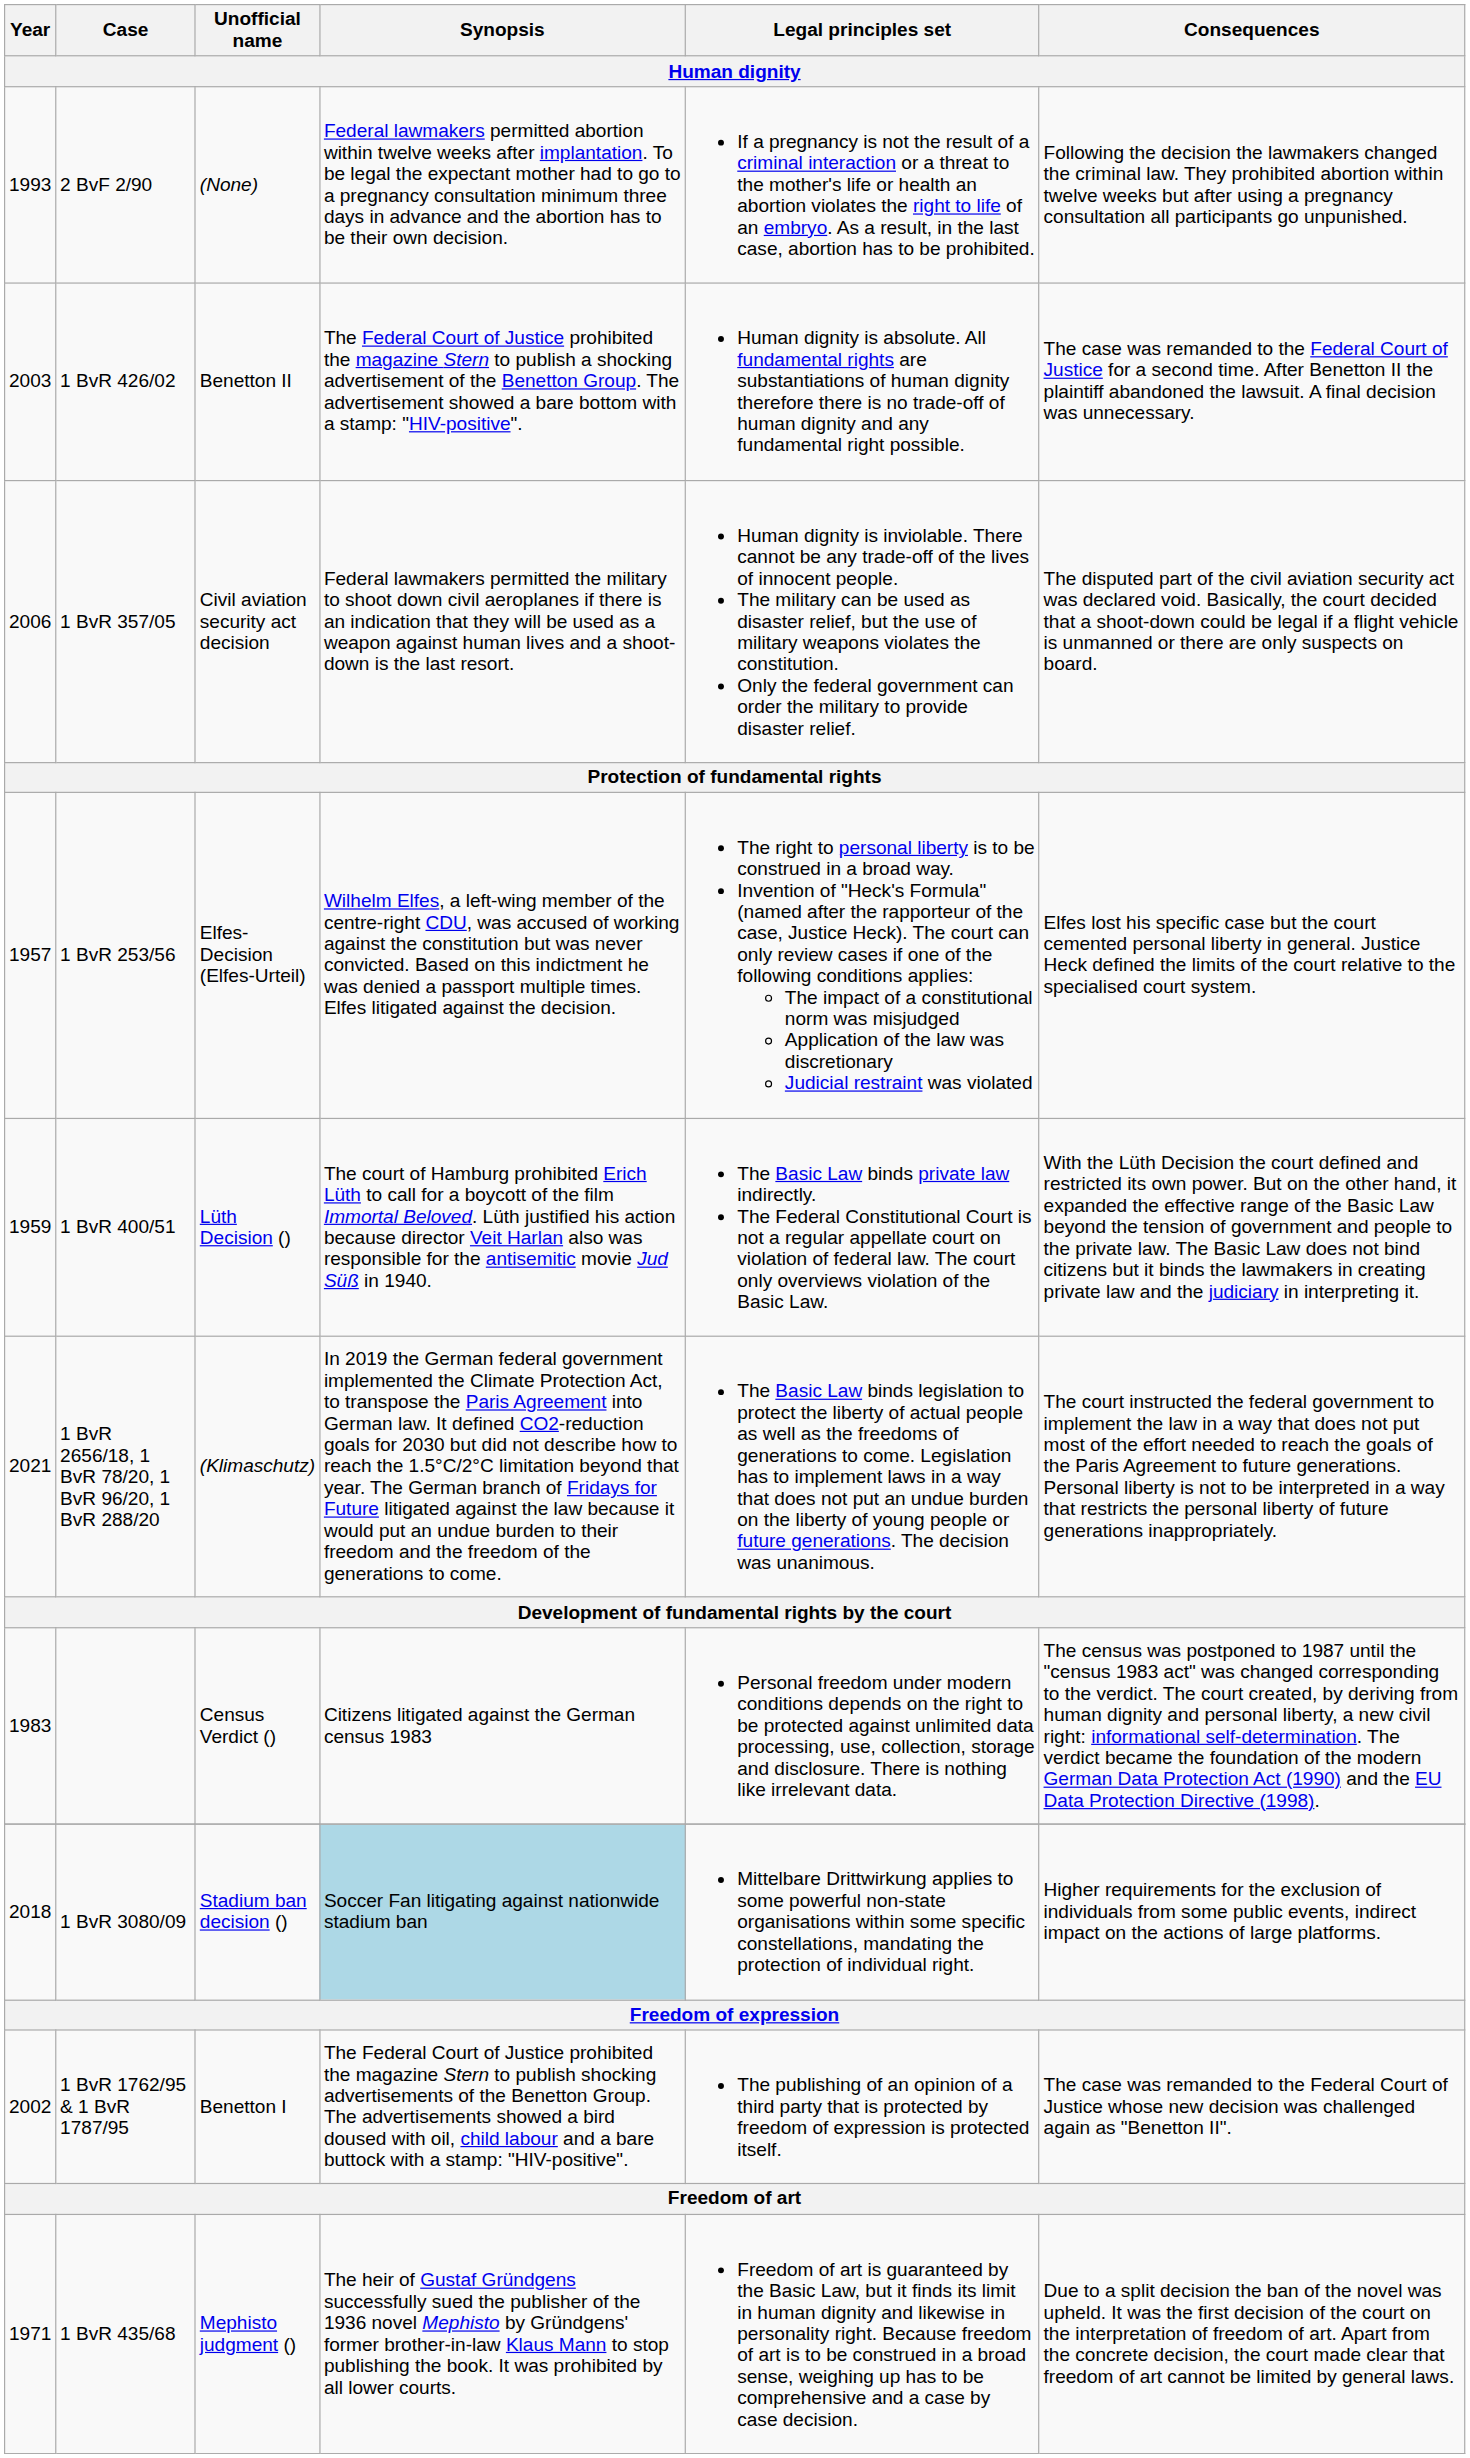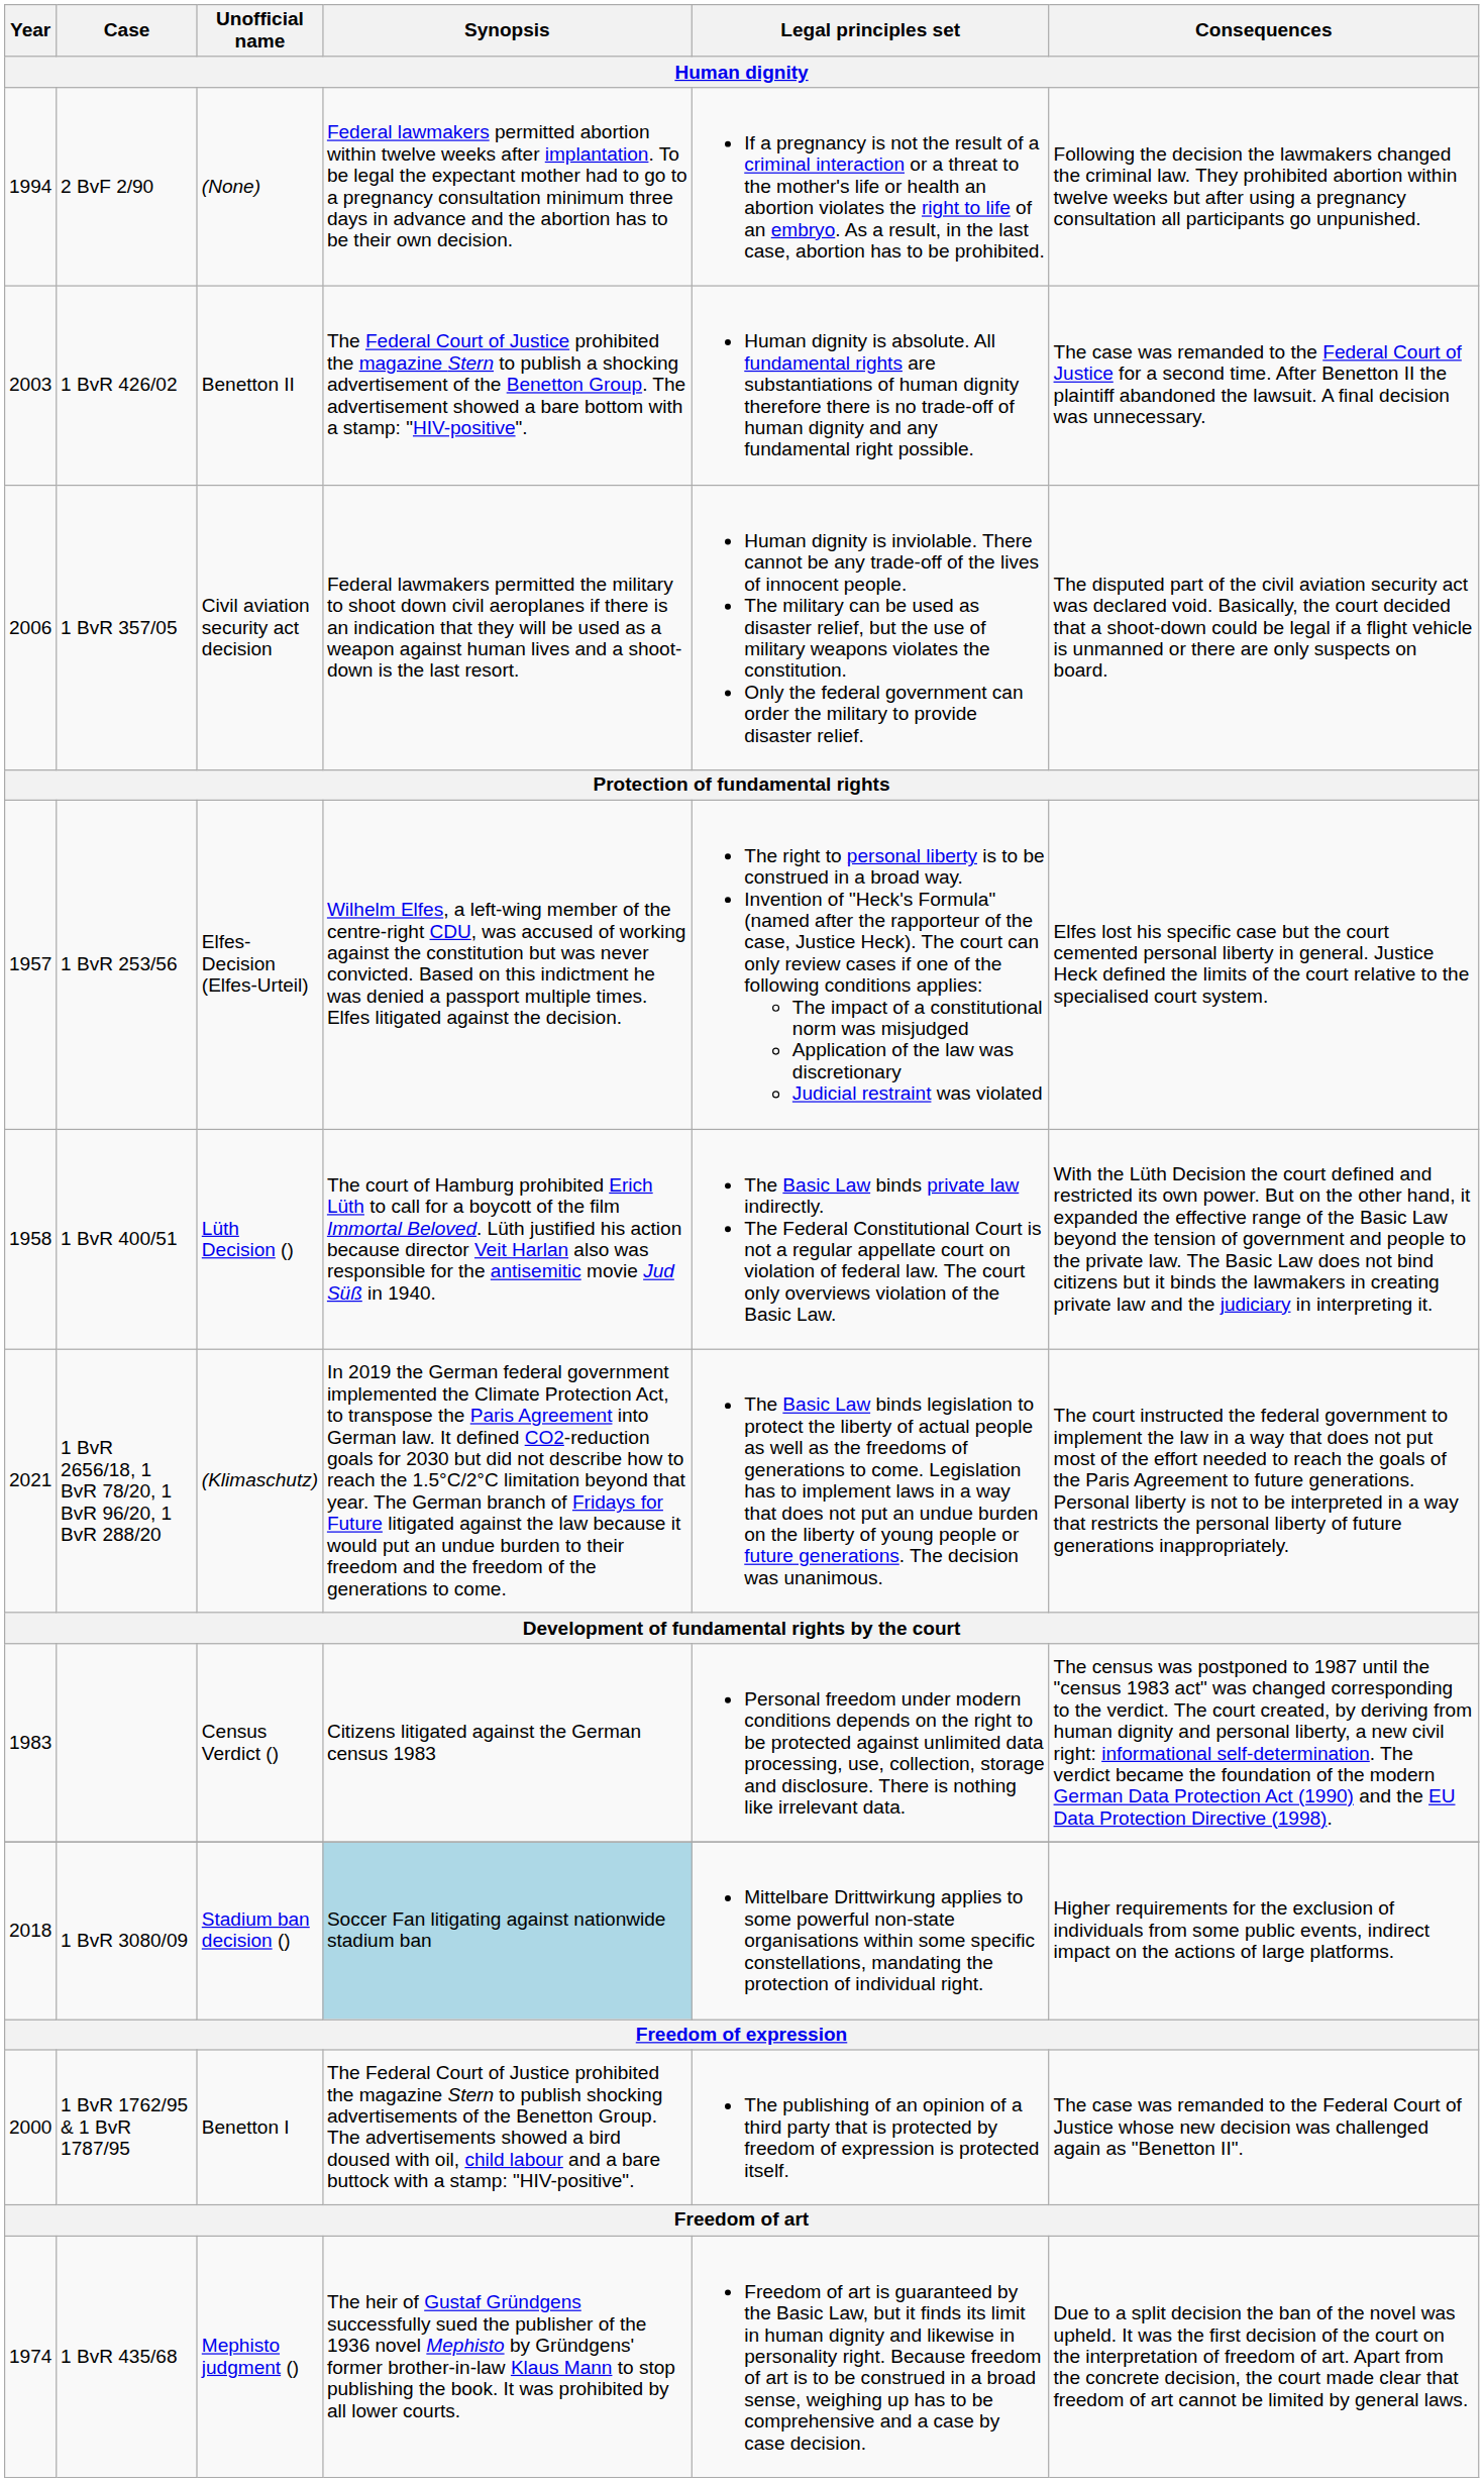 <table class="wikitable">
 <tr>
 <th width="30">Year</th>
 <th width="110">Case</th>
 <th width="90">Unofficial name</th>
 <th width="300">Synopsis</th>
 <th width="290">Legal principles set</th>
 <th width="350">Consequences</th>
 </tr>
 <tr>
 <th colspan="6"><a href='#'>Human dignity</a></th>
 </tr>
 <tr>
-<td>1993</td>
+<td>1994</td>
 <td>2 BvF 2/90</td>
 <td><em>(None)</em></td>
 <td><a href='#'>Federal lawmakers</a> permitted abortion within twelve weeks after <a href='#'>implantation</a>. To be legal the expectant mother had to go to a pregnancy consultation minimum three days in advance and the abortion has to be their own decision.</td>
 <td><br><ul><li>If a pregnancy is not the result of a <a href='#'>criminal interaction</a> or a threat to the mother's life or health an abortion violates the <a href='#'>right to life</a> of an <a href='#'>embryo</a>. As a result, in the last case, abortion has to be prohibited.</li></ul></td>
 <td>Following the decision the lawmakers changed the criminal law. They prohibited abortion within twelve weeks but after using a pregnancy consultation all participants go unpunished.</td>
 </tr>
 <tr>
 <td>2003</td>
 <td>1 BvR 426/02</td>
 <td>Benetton II</td>
 <td>The <a href='#'>Federal Court of Justice</a> prohibited the <a href='#'>magazine <em>Stern</em></a> to publish a shocking advertisement of the <a href='#'>Benetton Group</a>. The advertisement showed a bare bottom with a stamp: "<a href='#'>HIV-positive</a>".</td>
 <td><br><ul><li>Human dignity is absolute. All <a href='#'>fundamental rights</a> are substantiations of human dignity therefore there is no trade-off of human dignity and any fundamental right possible.</li></ul></td>
 <td>The case was remanded to the <a href='#'>Federal Court of Justice</a> for a second time. After Benetton II the plaintiff abandoned the lawsuit. A final decision was unnecessary.</td>
 </tr>
 <tr>
 <td>2006</td>
 <td>1 BvR 357/05</td>
 <td>Civil aviation security act decision</td>
 <td>Federal lawmakers permitted the military to shoot down civil aeroplanes if there is an indication that they will be used as a weapon against human lives and a shoot-down is the last resort.</td>
 <td><br><ul><li>Human dignity is inviolable. There cannot be any trade-off of the lives of innocent people.</li><li>The military can be used as disaster relief, but the use of military weapons violates the constitution.</li><li>Only the federal government can order the military to provide disaster relief.</li></ul></td>
 <td>The disputed part of the civil aviation security act was declared void. Basically, the court decided that a shoot-down could be legal if a flight vehicle is unmanned or there are only suspects on board.</td>
 </tr>
 <tr>
 <th colspan="6">Protection of fundamental rights</th>
 </tr>
 <tr>
 <td>1957</td>
 <td>1 BvR 253/56</td>
 <td>Elfes-Decision (Elfes-Urteil)</td>
 <td><a href='#'>Wilhelm Elfes</a>, a left-wing member of the centre-right <a href='#'>CDU</a>, was accused of working against the constitution but was never convicted. Based on this indictment he was denied a passport multiple times. Elfes litigated against the decision.</td>
 <td><br><ul><li>The right to <a href='#'>personal liberty</a> is to be construed in a broad way.</li><li>Invention of "Heck's Formula" (named after the rapporteur of the case, Justice Heck). The court can only review cases if one of the following conditions applies:<ul><li>The impact of a constitutional norm was misjudged</li><li>Application of the law was discretionary</li><li><a href='#'>Judicial restraint</a> was violated</li></ul></li></ul></td>
 <td>Elfes lost his specific case but the court cemented personal liberty in general. Justice Heck defined the limits of the court relative to the specialised court system.</td>
 </tr>
 <tr>
-<td>1959</td>
+<td>1958</td>
 <td>1 BvR 400/51</td>
 <td><a href='#'>Lüth Decision</a> ()</td>
 <td>The court of Hamburg prohibited <a href='#'>Erich Lüth</a> to call for a boycott of the film <a href='#'><em>Immortal Beloved</em></a>. Lüth justified his action because director <a href='#'>Veit Harlan</a> also was responsible for the <a href='#'>antisemitic</a> movie <a href='#'><em>Jud Süß</em></a> in 1940.</td>
 <td><br><ul><li>The <a href='#'>Basic Law</a> binds <a href='#'>private law</a> indirectly.</li><li>The Federal Constitutional Court is not a regular appellate court on violation of federal law. The court only overviews violation of the Basic Law.</li></ul></td>
 <td>With the Lüth Decision the court defined and restricted its own power. But on the other hand, it expanded the effective range of the Basic Law beyond the tension of government and people to the private law. The Basic Law does not bind citizens but it binds the lawmakers in creating private law and the <a href='#'>judiciary</a> in interpreting it.</td>
 </tr>
 <tr>
 <td>2021</td>
 <td {{plainlist><br>1 BvR 2656/18, 1 BvR   78/20, 1 BvR   96/20, 1 BvR  288/20</td>
 <td><em>(Klimaschutz)</em></td>
 <td>In 2019 the German federal government implemented the Climate Protection Act, to transpose the <a href='#'>Paris Agreement</a> into German law. It defined <a href='#'>CO2</a>-reduction goals for 2030 but did not describe how to reach the 1.5°C/2°C limitation beyond that year. The German branch of <a href='#'>Fridays for Future</a> litigated against the law because it would put an undue burden to their freedom and the freedom of the generations to come.</td>
 <td><br><ul><li>The <a href='#'>Basic Law</a> binds legislation to protect the liberty of actual people as well as the freedoms of generations to come. Legislation has to implement laws in a way that does not put an undue burden on the liberty of young people or <a href='#'>future generations</a>. The decision was unanimous.</li></ul></td>
 <td>The court instructed the federal government to implement the law in a way that does not put most of the effort needed to reach the goals of the Paris Agreement to future generations. Personal liberty is not to be interpreted in a way that restricts the personal liberty of future generations inappropriately.</td>
 </tr>
 <tr>
 <th colspan="6">Development of fundamental rights by the court</th>
 </tr>
 <tr>
 <td>1983</td>
 <td></td>
 <td>Census Verdict ()</td>
 <td>Citizens litigated against the German census 1983</td>
 <td><br><ul><li>Personal freedom under modern conditions depends on the right to be protected against unlimited data processing, use, collection, storage and disclosure. There is nothing like irrelevant data.</li></ul></td>
 <td>The census was postponed to 1987 until the "census 1983 act" was changed corresponding to the verdict. The court created, by deriving from human dignity and personal liberty, a new civil right: <a href='#'>informational self-determination</a>. The verdict became the foundation of the modern <a href='#'>German Data Protection Act (1990)</a> and the <a href='#'>EU Data Protection Directive (1998)</a>.</td>
 </tr>
 <tr>
 </tr>
 <tr>
 <td>2018</td>
 <td {{plainlist><br>1 BvR 3080/09</td>
 <td><a href='#'>Stadium ban decision</a> ()</td>
 <td style="background: lightblue;">Soccer Fan litigating against nationwide stadium ban</td>
 <td><br><ul><li>Mittelbare Drittwirkung applies to some powerful non-state organisations within some specific constellations, mandating the protection of individual right.</li></ul></td>
 <td>Higher requirements for the exclusion of individuals from some public events, indirect impact on the actions of large platforms.</td>
 </tr>
 <tr>
 <th colspan="6"><a href='#'>Freedom of expression</a></th>
 </tr>
 <tr>
-<td>2002</td>
+<td>2000</td>
 <td>1 BvR 1762/95  & 1 BvR 1787/95</td>
 <td>Benetton I</td>
 <td>The Federal Court of Justice prohibited the magazine <em>Stern</em> to publish shocking advertisements of the Benetton Group. The advertisements showed a bird doused with oil, <a href='#'>child labour</a> and a bare buttock with a stamp: "HIV-positive".</td>
 <td><br><ul><li>The publishing of an opinion of a third party that is protected by freedom of expression is protected itself.</li></ul></td>
 <td>The case was remanded to the Federal Court of Justice whose new decision was challenged again as "Benetton II".</td>
 </tr>
 <tr>
 <th colspan="6">Freedom of art</th>
 </tr>
 <tr>
-<td>1971</td>
+<td>1974</td>
 <td>1 BvR 435/68</td>
 <td><a href='#'>Mephisto judgment</a> ()</td>
 <td>The heir of <a href='#'>Gustaf Gründgens</a> successfully sued the publisher of the 1936 novel <a href='#'><em>Mephisto</em></a> by Gründgens' former brother-in-law <a href='#'>Klaus Mann</a> to stop publishing the book. It was prohibited by all lower courts.</td>
 <td><br><ul><li>Freedom of art is guaranteed by the Basic Law, but it finds its limit in human dignity and likewise in personality right. Because freedom of art is to be construed in a broad sense, weighing up has to be comprehensive and a case by case decision.</li></ul></td>
 <td>Due to a split decision the ban of the novel was upheld. It was the first decision of the court on the interpretation of freedom of art. Apart from the concrete decision, the court made clear that freedom of art cannot be limited by general laws.</td>
 </tr>
 </table>
